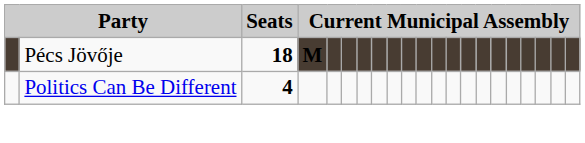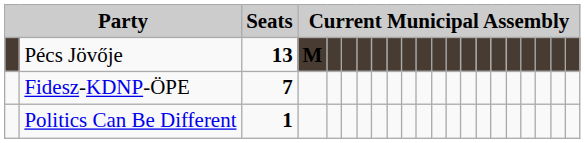 <table class="wikitable">
 <tr>
 <th style="background:#ccc" colspan="2">Party</th>
 <th style="background:#ccc">Seats</th>
 <th style="background:#ccc" colspan="18">Current Municipal Assembly</th>
 </tr>
 <tr>
 <td style="background-color: #483C32"> </td>
 <td>Pécs Jövője</td>
-<td style="text-align: right"><strong>18</strong></td>
+<td style="text-align: right"><strong>13</strong></td>
 <td style="background-color: #483C32"><span><strong>M</strong></span></td>
 <td style="background-color: #483C32"> </td>
 <td style="background-color: #483C32"> </td>
 <td style="background-color: #483C32"> </td>
 <td style="background-color: #483C32"> </td>
 <td style="background-color: #483C32"> </td>
 <td style="background-color: #483C32"> </td>
 <td style="background-color: #483C32"> </td>
 <td style="background-color: #483C32"> </td>
 <td style="background-color: #483C32"> </td>
 <td style="background-color: #483C32"> </td>
 <td style="background-color: #483C32"> </td>
 <td style="background-color: #483C32"> </td>
 <td style="background-color: #483C32"> </td>
 <td style="background-color: #483C32"> </td>
 <td style="background-color: #483C32"> </td>
 <td style="background-color: #483C32"> </td>
 <td style="background-color: #483C32"> </td>
 </tr>
 <tr>
 <td style="background-color: "> </td>
+<td><a href='#'>Fidesz</a>-<a href='#'>KDNP</a>-ÖPE</td>
+<td style="text-align: right"><strong>7</strong></td>
+<td style="background-color: "> </td>
+<td style="background-color: "> </td>
+<td style="background-color: "> </td>
+<td style="background-color: "> </td>
+<td style="background-color: "> </td>
+<td style="background-color: "> </td>
+<td style="background-color: "> </td>
+<td> </td>
+<td> </td>
+<td> </td>
+<td> </td>
+<td> </td>
+<td> </td>
+<td> </td>
+<td> </td>
+<td> </td>
+<td> </td>
+<td> </td>
+</tr>
+<tr>
+<td style="background-color: "> </td>
 <td><a href='#'>Politics Can Be Different</a></td>
-<td style="text-align: right"><strong>4</strong></td>
+<td style="text-align: right"><strong>1</strong></td>
 <td style="background-color: "> </td>
 <td> </td>
 <td> </td>
 <td> </td>
 <td> </td>
 <td> </td>
 <td> </td>
 <td> </td>
 <td> </td>
 <td> </td>
 <td> </td>
 <td> </td>
 <td> </td>
 <td> </td>
 <td> </td>
 <td> </td>
 <td> </td>
 <td> </td>
 </tr>
 </table>
